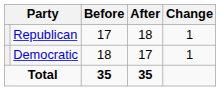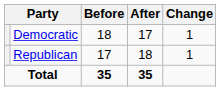 <table class="wikitable" style="text-align:center;">
 <tr>
 <th colspan="2">Party</th>
 <th>Before</th>
 <th>After</th>
 <th>Change</th>
 </tr>
 <tr>
 <th style="background-color:"></th>
-<td style="text-align:left;"><a href='#'>Republican</a></td>
+<td style="text-align:left;"><a href='#'>Democratic</a></td>
+<td>18</td>
 <td>17</td>
-<td>18</td>
 <td> 1</td>
 </tr>
 <tr>
 <th style="background-color:"></th>
-<td style="text-align:left;"><a href='#'>Democratic</a></td>
+<td style="text-align:left;"><a href='#'>Republican</a></td>
+<td>17</td>
 <td>18</td>
-<td>17</td>
 <td> 1</td>
 </tr>
 <tr>
 <td colspan="2"><strong>Total</strong></td>
 <td><strong>35</strong></td>
 <td><strong>35</strong></td>
 <td></td>
 </tr>
 </table>
